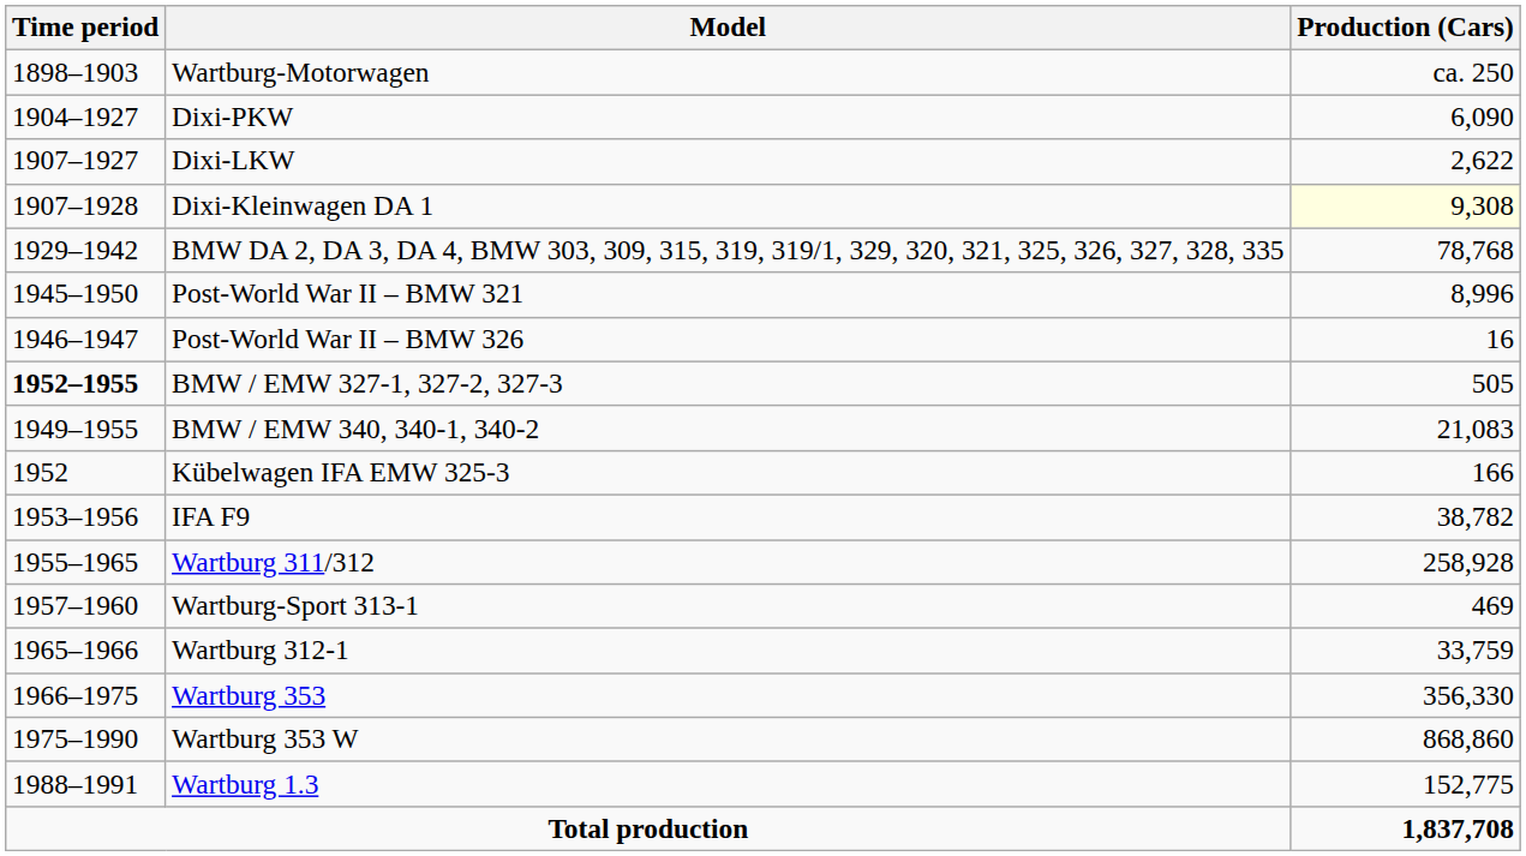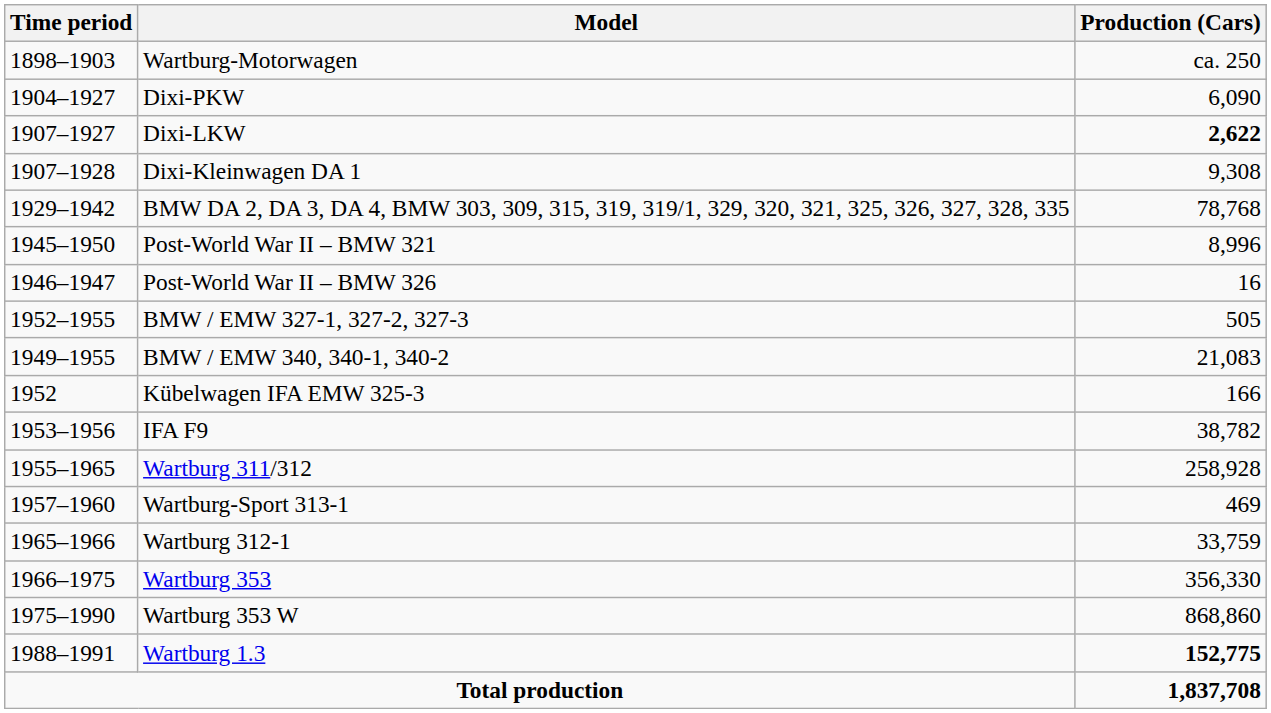 <table class="wikitable">
 <tr>
 <th>Time period</th>
 <th>Model</th>
 <th>Production (Cars)</th>
 </tr>
 <tr>
 <td>1898–1903</td>
 <td>Wartburg-Motorwagen</td>
 <td align="right">ca. 250</td>
 </tr>
 <tr>
 <td>1904–1927</td>
 <td>Dixi-PKW</td>
 <td align="right">6,090</td>
 </tr>
 <tr>
 <td>1907–1927</td>
 <td>Dixi-LKW</td>
-<td align="right">2,622</td>
+<td align="right"><strong>2,622</strong></td>
 </tr>
 <tr>
 <td>1907–1928</td>
 <td>Dixi-Kleinwagen DA 1</td>
-<td align="right" style="background: lightyellow;">9,308</td>
+<td align="right">9,308</td>
 </tr>
 <tr>
 <td>1929–1942</td>
 <td>BMW DA 2, DA 3, DA 4, BMW 303, 309, 315, 319, 319/1, 329, 320, 321, 325, 326, 327, 328, 335</td>
 <td align="right">78,768</td>
 </tr>
 <tr>
 <td>1945–1950</td>
 <td>Post-World War II – BMW 321</td>
 <td align="right">8,996</td>
 </tr>
 <tr>
 <td>1946–1947</td>
 <td>Post-World War II – BMW 326</td>
 <td align="right">16</td>
 </tr>
 <tr>
-<td><strong>1952–1955</strong></td>
+<td>1952–1955</td>
 <td>BMW / EMW 327-1, 327-2, 327-3</td>
 <td align="right">505</td>
 </tr>
 <tr>
 <td>1949–1955</td>
 <td>BMW / EMW 340, 340-1, 340-2</td>
 <td align="right">21,083</td>
 </tr>
 <tr>
 <td>1952</td>
 <td>Kübelwagen IFA EMW 325-3</td>
 <td align="right">166</td>
 </tr>
 <tr>
 <td>1953–1956</td>
 <td>IFA F9</td>
 <td align="right">38,782</td>
 </tr>
 <tr>
 <td>1955–1965</td>
 <td><a href='#'>Wartburg 311</a>/312</td>
 <td align="right">258,928</td>
 </tr>
 <tr>
 <td>1957–1960</td>
 <td>Wartburg-Sport 313-1</td>
 <td align="right">469</td>
 </tr>
 <tr>
 <td>1965–1966</td>
 <td>Wartburg 312-1</td>
 <td align="right">33,759</td>
 </tr>
 <tr>
 <td>1966–1975</td>
 <td><a href='#'>Wartburg 353</a></td>
 <td align="right">356,330</td>
 </tr>
 <tr>
 <td>1975–1990</td>
 <td>Wartburg 353 W</td>
 <td align="right">868,860</td>
 </tr>
 <tr>
 <td>1988–1991</td>
 <td><a href='#'>Wartburg 1.3</a></td>
-<td align="right">152,775</td>
+<td align="right"><strong>152,775</strong></td>
 </tr>
 <tr>
 <td colspan="2" align="center"><strong>Total production</strong></td>
 <td align="right"><strong>1,837,708</strong></td>
 </tr>
 </table>
